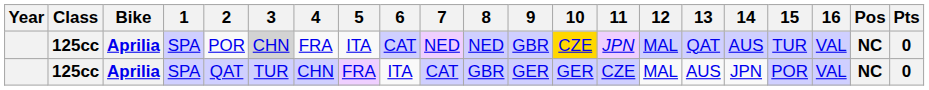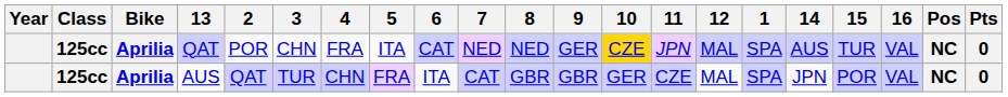 <table class="wikitable" style="text-align:center">
 <tr>
 <th>Year</th>
 <th>Class</th>
 <th>Bike</th>
-<th>1</th>
+<th>13</th>
 <th>2</th>
 <th>3</th>
 <th>4</th>
 <th>5</th>
 <th>6</th>
 <th>7</th>
 <th>8</th>
 <th>9</th>
 <th>10</th>
 <th>11</th>
 <th>12</th>
-<th>13</th>
+<th>1</th>
 <th>14</th>
 <th>15</th>
 <th>16</th>
 <th>Pos</th>
 <th>Pts</th>
 </tr>
 <tr>
 <th></th>
 <th>125cc</th>
 <th><a href='#'>Aprilia</a></th>
-<td style="background:#cfcfff;"><a href='#'>SPA</a><br></td>
+<td style="background:#cfcfff;"><a href='#'>QAT</a><br></td>
 <td><a href='#'>POR</a></td>
-<td style="background: lightgrey;"><a href='#'>CHN</a></td>
+<td><a href='#'>CHN</a></td>
 <td><a href='#'>FRA</a></td>
 <td><a href='#'>ITA</a></td>
 <td style="background:#cfcfff;"><a href='#'>CAT</a><br></td>
 <td style="background:#efcfff;"><a href='#'>NED</a><br></td>
 <td style="background:#cfcfff;"><a href='#'>NED</a><br></td>
-<td style="background:#cfcfff;"><a href='#'>GBR</a><br></td>
+<td style="background:#cfcfff;"><a href='#'>GER</a><br></td>
 <td style="background: gold;"><a href='#'>CZE</a></td>
 <td style="background:#efcfff;"><em><a href='#'>JPN</a></em><br></td>
 <td style="background:#cfcfff;"><a href='#'>MAL</a><br></td>
-<td style="background:#cfcfff;"><a href='#'>QAT</a><br></td>
+<td style="background:#cfcfff;"><a href='#'>SPA</a><br></td>
 <td style="background:#cfcfff;"><a href='#'>AUS</a><br></td>
 <td style="background:#cfcfff;"><a href='#'>TUR</a><br></td>
 <td style="background:#cfcfff;"><a href='#'>VAL</a><br></td>
 <th>NC</th>
 <th>0</th>
 </tr>
 <tr>
 <th></th>
 <th>125cc</th>
 <th><a href='#'>Aprilia</a></th>
-<td style="background:#cfcfff;"><a href='#'>SPA</a><br></td>
+<td><a href='#'>AUS</a></td>
 <td style="background:#cfcfff;"><a href='#'>QAT</a><br></td>
 <td style="background:#cfcfff;"><a href='#'>TUR</a><br></td>
 <td style="background:#cfcfff;"><a href='#'>CHN</a><br></td>
 <td style="background:#efcfff;"><a href='#'>FRA</a><br></td>
 <td><a href='#'>ITA</a></td>
 <td style="background:#cfcfff;"><a href='#'>CAT</a><br></td>
 <td style="background:#cfcfff;"><a href='#'>GBR</a><br></td>
-<td style="background:#cfcfff;"><a href='#'>GER</a><br></td>
+<td style="background:#cfcfff;"><a href='#'>GBR</a><br></td>
 <td style="background:#cfcfff;"><a href='#'>GER</a><br></td>
 <td style="background:#cfcfff;"><a href='#'>CZE</a><br></td>
 <td><a href='#'>MAL</a></td>
-<td><a href='#'>AUS</a></td>
+<td style="background:#cfcfff;"><a href='#'>SPA</a><br></td>
 <td><a href='#'>JPN</a></td>
 <td style="background:#cfcfff;"><a href='#'>POR</a><br></td>
 <td style="background:#cfcfff;"><a href='#'>VAL</a><br></td>
 <th>NC</th>
 <th>0</th>
 </tr>
 </table>
